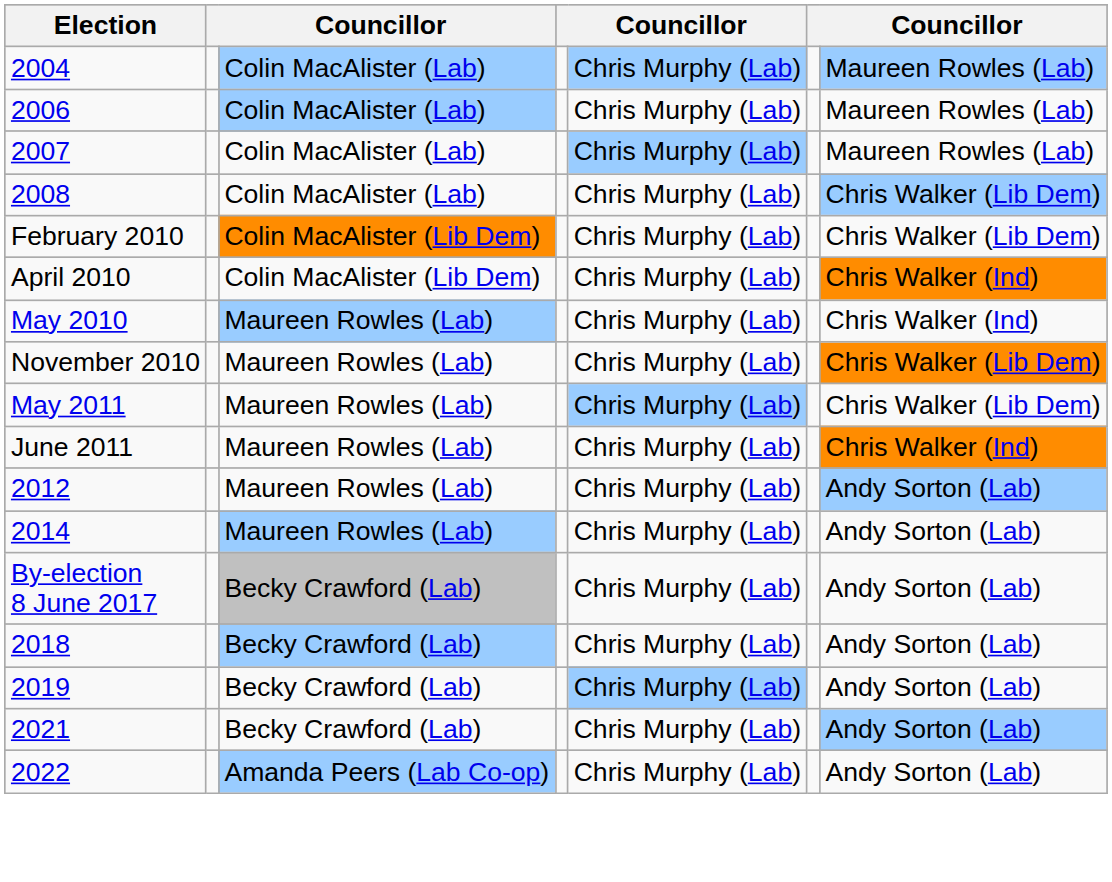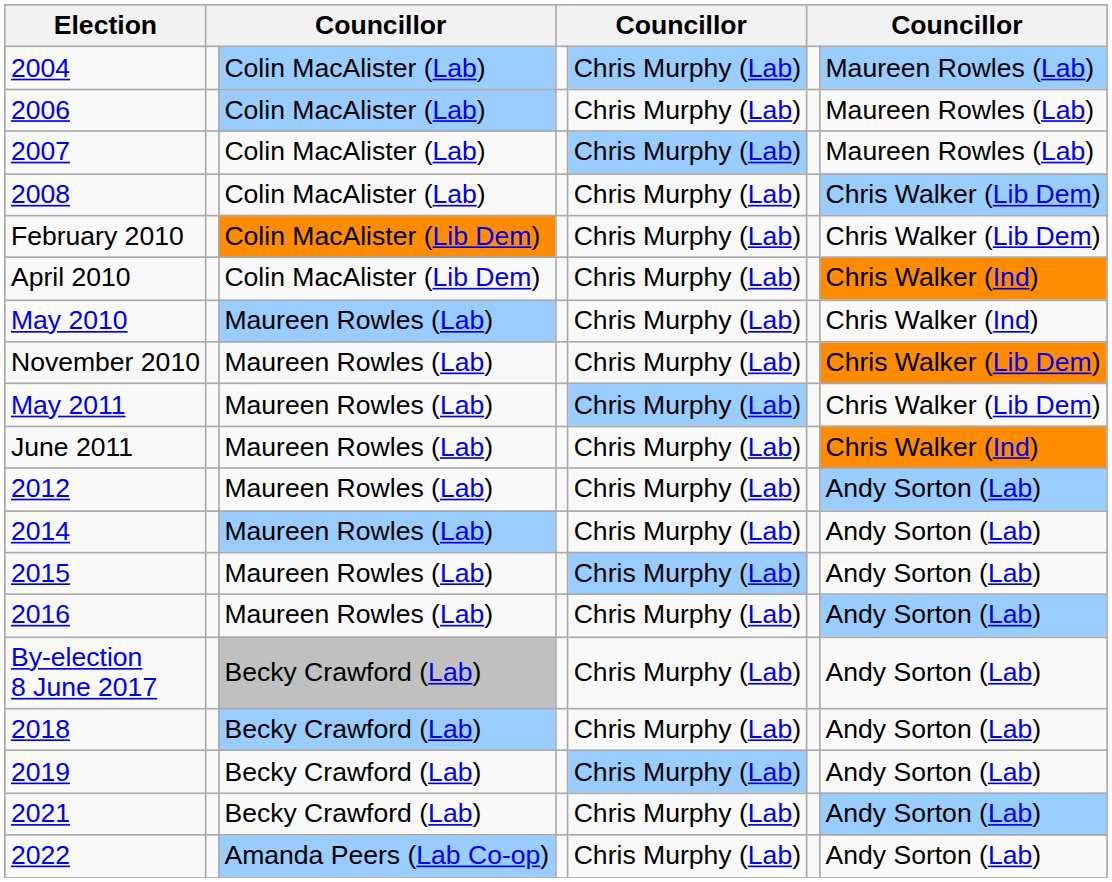 <table class="wikitable">
 <tr>
 <th>Election</th>
 <th colspan="2">Councillor</th>
 <th colspan="2">Councillor</th>
 <th colspan="2">Councillor</th>
 </tr>
 <tr>
 <td><a href='#'>2004</a></td>
 <td style="background-color: "></td>
 <td bgcolor="#99CCFF">Colin MacAlister (<a href='#'>Lab</a>)</td>
 <td style="background-color: "></td>
 <td bgcolor="#99CCFF">Chris Murphy (<a href='#'>Lab</a>)</td>
 <td style="background-color: "></td>
 <td bgcolor="#99CCFF">Maureen Rowles (<a href='#'>Lab</a>)</td>
 </tr>
 <tr>
 <td><a href='#'>2006</a></td>
 <td style="background-color: "></td>
 <td bgcolor="#99CCFF">Colin MacAlister (<a href='#'>Lab</a>)</td>
 <td style="background-color: "></td>
 <td>Chris Murphy (<a href='#'>Lab</a>)</td>
 <td style="background-color: "></td>
 <td>Maureen Rowles (<a href='#'>Lab</a>)</td>
 </tr>
 <tr>
 <td><a href='#'>2007</a></td>
 <td style="background-color: "></td>
 <td>Colin MacAlister (<a href='#'>Lab</a>)</td>
 <td style="background-color: "></td>
 <td bgcolor="#99CCFF">Chris Murphy (<a href='#'>Lab</a>)</td>
 <td style="background-color: "></td>
 <td>Maureen Rowles (<a href='#'>Lab</a>)</td>
 </tr>
 <tr>
 <td><a href='#'>2008</a></td>
 <td style="background-color: "></td>
 <td>Colin MacAlister (<a href='#'>Lab</a>)</td>
 <td style="background-color: "></td>
 <td>Chris Murphy (<a href='#'>Lab</a>)</td>
 <td style="background-color: "></td>
 <td bgcolor="#99CCFF">Chris Walker (<a href='#'>Lib Dem</a>)</td>
 </tr>
 <tr>
 <td>February 2010</td>
 <td style="background-color: "></td>
 <td bgcolor="#FF8C00">Colin MacAlister (<a href='#'>Lib Dem</a>)</td>
 <td style="background-color: "></td>
 <td>Chris Murphy (<a href='#'>Lab</a>)</td>
 <td style="background-color: "></td>
 <td>Chris Walker (<a href='#'>Lib Dem</a>)</td>
 </tr>
 <tr>
 <td>April 2010</td>
 <td style="background-color: "></td>
 <td>Colin MacAlister (<a href='#'>Lib Dem</a>)</td>
 <td style="background-color: "></td>
 <td>Chris Murphy (<a href='#'>Lab</a>)</td>
 <td style="background-color: "></td>
 <td bgcolor="#FF8C00">Chris Walker (<a href='#'>Ind</a>)</td>
 </tr>
 <tr>
 <td><a href='#'>May 2010</a></td>
 <td style="background-color: "></td>
 <td bgcolor="#99CCFF">Maureen Rowles (<a href='#'>Lab</a>)</td>
 <td style="background-color: "></td>
 <td>Chris Murphy (<a href='#'>Lab</a>)</td>
 <td style="background-color: "></td>
 <td>Chris Walker (<a href='#'>Ind</a>)</td>
 </tr>
 <tr>
 <td>November 2010</td>
 <td style="background-color: "></td>
 <td>Maureen Rowles (<a href='#'>Lab</a>)</td>
 <td style="background-color: "></td>
 <td>Chris Murphy (<a href='#'>Lab</a>)</td>
 <td style="background-color: "></td>
 <td bgcolor="#FF8C00">Chris Walker (<a href='#'>Lib Dem</a>)</td>
 </tr>
 <tr>
 <td><a href='#'>May 2011</a></td>
 <td style="background-color: "></td>
 <td>Maureen Rowles (<a href='#'>Lab</a>)</td>
 <td style="background-color: "></td>
 <td bgcolor="#99CCFF">Chris Murphy (<a href='#'>Lab</a>)</td>
 <td style="background-color: "></td>
 <td>Chris Walker (<a href='#'>Lib Dem</a>)</td>
 </tr>
 <tr>
 <td>June 2011</td>
 <td style="background-color: "></td>
 <td>Maureen Rowles (<a href='#'>Lab</a>)</td>
 <td style="background-color: "></td>
 <td>Chris Murphy (<a href='#'>Lab</a>)</td>
 <td style="background-color: "></td>
 <td bgcolor="#FF8C00">Chris Walker (<a href='#'>Ind</a>)</td>
 </tr>
 <tr>
 <td><a href='#'>2012</a></td>
 <td style="background-color: "></td>
 <td>Maureen Rowles (<a href='#'>Lab</a>)</td>
 <td style="background-color: "></td>
 <td>Chris Murphy (<a href='#'>Lab</a>)</td>
 <td style="background-color: "></td>
 <td bgcolor="#99CCFF">Andy Sorton (<a href='#'>Lab</a>)</td>
 </tr>
 <tr>
 <td><a href='#'>2014</a></td>
 <td style="background-color: "></td>
 <td bgcolor="#99CCFF">Maureen Rowles (<a href='#'>Lab</a>)</td>
 <td style="background-color: "></td>
 <td>Chris Murphy (<a href='#'>Lab</a>)</td>
 <td style="background-color: "></td>
 <td>Andy Sorton (<a href='#'>Lab</a>)</td>
 </tr>
 <tr>
+<td><a href='#'>2015</a></td>
+<td style="background-color: "></td>
+<td>Maureen Rowles (<a href='#'>Lab</a>)</td>
+<td style="background-color: "></td>
+<td bgcolor="#99CCFF">Chris Murphy (<a href='#'>Lab</a>)</td>
+<td style="background-color: "></td>
+<td>Andy Sorton (<a href='#'>Lab</a>)</td>
+</tr>
+<tr>
+<td><a href='#'>2016</a></td>
+<td style="background-color: "></td>
+<td>Maureen Rowles (<a href='#'>Lab</a>)</td>
+<td style="background-color: "></td>
+<td>Chris Murphy (<a href='#'>Lab</a>)</td>
+<td style="background-color: "></td>
+<td bgcolor="#99CCFF">Andy Sorton (<a href='#'>Lab</a>)</td>
+</tr>
+<tr>
 <td><a href='#'>By-election<br>8 June 2017</a></td>
 <td style="background-color: "></td>
 <td bgcolor="#C0C0C0">Becky Crawford (<a href='#'>Lab</a>)</td>
 <td style="background-color: "></td>
 <td>Chris Murphy (<a href='#'>Lab</a>)</td>
 <td style="background-color: "></td>
 <td>Andy Sorton (<a href='#'>Lab</a>)</td>
 </tr>
 <tr>
 <td><a href='#'>2018</a></td>
 <td style="background-color: "></td>
 <td bgcolor="#99CCFF">Becky Crawford (<a href='#'>Lab</a>)</td>
 <td style="background-color: "></td>
 <td>Chris Murphy (<a href='#'>Lab</a>)</td>
 <td style="background-color: "></td>
 <td>Andy Sorton (<a href='#'>Lab</a>)</td>
 </tr>
 <tr>
 <td><a href='#'>2019</a></td>
 <td style="background-color: "></td>
 <td>Becky Crawford (<a href='#'>Lab</a>)</td>
 <td style="background-color: "></td>
 <td bgcolor="#99CCFF">Chris Murphy (<a href='#'>Lab</a>)</td>
 <td style="background-color: "></td>
 <td>Andy Sorton (<a href='#'>Lab</a>)</td>
 </tr>
 <tr>
 <td><a href='#'>2021</a></td>
 <td style="background-color: "></td>
 <td>Becky Crawford (<a href='#'>Lab</a>)</td>
 <td style="background-color: "></td>
 <td>Chris Murphy (<a href='#'>Lab</a>)</td>
 <td style="background-color: "></td>
 <td bgcolor="#99CCFF">Andy Sorton (<a href='#'>Lab</a>)</td>
 </tr>
 <tr>
 <td><a href='#'>2022</a></td>
 <td style="background-color: "></td>
 <td bgcolor="#99CCFF">Amanda Peers (<a href='#'>Lab Co-op</a>)</td>
 <td style="background-color: "></td>
 <td>Chris Murphy (<a href='#'>Lab</a>)</td>
 <td style="background-color: "></td>
 <td>Andy Sorton (<a href='#'>Lab</a>)</td>
 </tr>
 </table>
